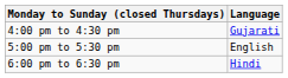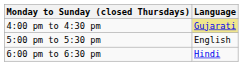 <table class="wikitable">
 <tr>
 <th>Monday to Sunday (closed Thursdays)</th>
 <th>Language</th>
 </tr>
 <tr>
 <td>4:00 pm to 4:30 pm</td>
-<td><a href='#'>Gujarati</a></td>
+<td style="background: khaki;"><a href='#'>Gujarati</a></td>
 </tr>
 <tr>
 <td>5:00 pm to 5:30 pm</td>
 <td>English</td>
 </tr>
 <tr>
 <td>6:00 pm to 6:30 pm</td>
 <td><a href='#'>Hindi</a></td>
 </tr>
 </table>
